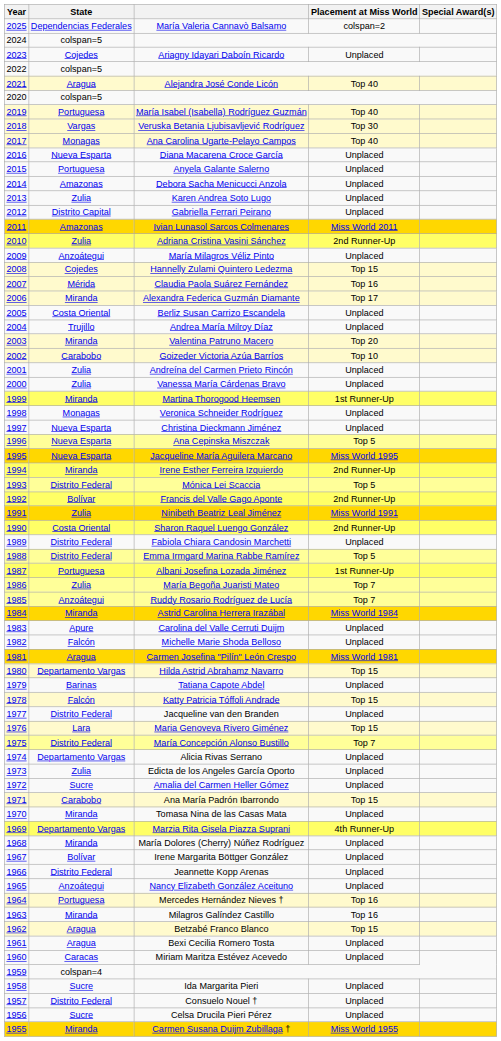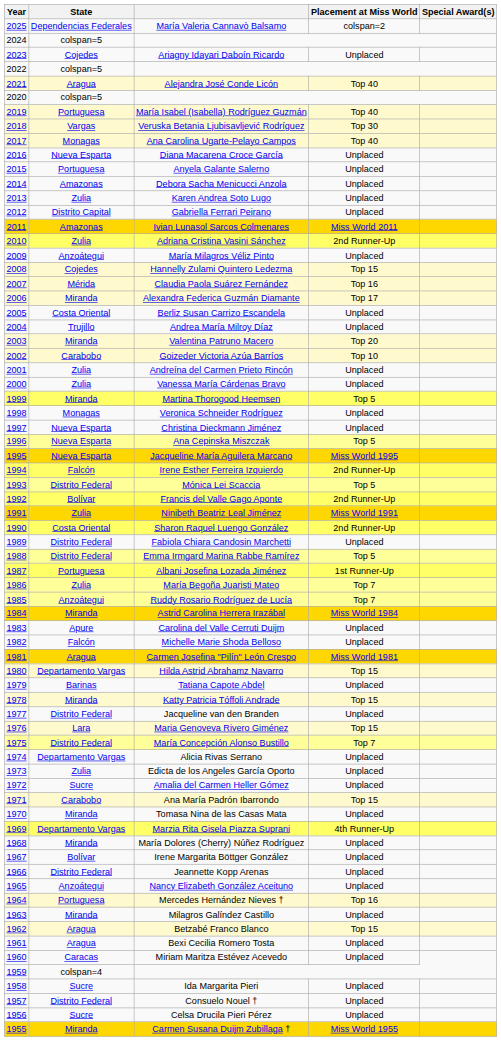 <table class="wikitable " style="font-size: 90%; text-align:center;">
 <tr>
 <th>Year</th>
 <th>State</th>
 <th></th>
 <th>Placement at Miss World</th>
 <th>Special Award(s)</th>
 </tr>
 <tr>
 <td><a href='#'>2025</a></td>
 <td><a href='#'>Dependencias Federales</a></td>
 <td><a href='#'>María Valeria Cannavò Balsamo</a></td>
 <td>colspan=2 </td>
 <td style="background:;"></td>
 </tr>
 <tr>
 <td>2024</td>
 <td>colspan=5 </td>
 </tr>
 <tr>
 <td><a href='#'>2023</a></td>
 <td><a href='#'>Cojedes</a></td>
 <td><a href='#'>Ariagny Idayari Daboín Ricardo</a></td>
 <td>Unplaced</td>
 <td></td>
 </tr>
 <tr>
 <td>2022</td>
 <td>colspan=5 </td>
 </tr>
 <tr style="background-color:#FFFACD;">
 <td><a href='#'>2021</a></td>
 <td><a href='#'>Aragua</a></td>
 <td><a href='#'>Alejandra José Conde Licón</a></td>
 <td>Top 40</td>
 <td style="background:;"></td>
 </tr>
 <tr>
 <td>2020</td>
 <td>colspan=5 </td>
 </tr>
 <tr style="background-color:#FFFACD;">
 <td><a href='#'>2019</a></td>
 <td><a href='#'>Portuguesa</a></td>
 <td><a href='#'>María Isabel (Isabella) Rodríguez Guzmán</a></td>
 <td>Top 40</td>
 <td style="background:;"></td>
 </tr>
 <tr style="background-color:#FFFACD;">
 <td><a href='#'>2018</a></td>
 <td><a href='#'>Vargas</a></td>
 <td><a href='#'>Veruska Betania Ljubisavljević Rodríguez</a></td>
 <td>Top 30</td>
 <td style="background:;"></td>
 </tr>
 <tr style="background-color:#FFFACD;">
 <td><a href='#'>2017</a></td>
 <td><a href='#'>Monagas</a></td>
 <td><a href='#'>Ana Carolina Ugarte-Pelayo Campos</a></td>
 <td>Top 40</td>
 <td style="background:;"></td>
 </tr>
 <tr>
 <td><a href='#'>2016</a></td>
 <td><a href='#'>Nueva Esparta</a></td>
 <td><a href='#'>Diana Macarena Croce García</a></td>
 <td>Unplaced</td>
 <td style="background:;"></td>
 </tr>
 <tr>
 <td><a href='#'>2015</a></td>
 <td><a href='#'>Portuguesa</a></td>
 <td><a href='#'>Anyela Galante Salerno</a></td>
 <td>Unplaced</td>
 <td style="background:;"></td>
 </tr>
 <tr>
 <td><a href='#'>2014</a></td>
 <td><a href='#'>Amazonas</a></td>
 <td><a href='#'>Debora Sacha Menicucci Anzola</a></td>
 <td>Unplaced</td>
 <td></td>
 </tr>
 <tr>
 <td><a href='#'>2013</a></td>
 <td><a href='#'>Zulia</a></td>
 <td><a href='#'>Karen Andrea Soto Lugo</a></td>
 <td>Unplaced</td>
 <td style="background:;"></td>
 </tr>
 <tr>
 <td><a href='#'>2012</a></td>
 <td><a href='#'>Distrito Capital</a></td>
 <td><a href='#'>Gabriella Ferrari Peirano</a></td>
 <td>Unplaced</td>
 <td style="background:;"></td>
 </tr>
 <tr style="background-color:gold; ">
 <td><a href='#'>2011</a></td>
 <td><a href='#'>Amazonas</a></td>
 <td><a href='#'>Ivian Lunasol Sarcos Colmenares</a></td>
 <td><a href='#'>Miss World 2011</a></td>
 <td style="background:;"></td>
 </tr>
 <tr style="background-color:#FFFF66;">
 <td><a href='#'>2010</a></td>
 <td><a href='#'>Zulia</a></td>
 <td><a href='#'>Adriana Cristina Vasini Sánchez</a></td>
 <td>2nd Runner-Up</td>
 <td style="background:;"></td>
 </tr>
 <tr>
 <td><a href='#'>2009</a></td>
 <td><a href='#'>Anzoátegui</a></td>
 <td><a href='#'>María Milagros Véliz Pinto</a></td>
 <td>Unplaced</td>
 <td style="background:;"></td>
 </tr>
 <tr style="background-color:#FFFACD;">
 <td><a href='#'>2008</a></td>
 <td><a href='#'>Cojedes</a></td>
 <td><a href='#'>Hannelly Zulami Quintero Ledezma</a></td>
 <td>Top 15</td>
 <td style="background:;"></td>
 </tr>
 <tr style="background-color:#FFFACD;">
 <td><a href='#'>2007</a></td>
 <td><a href='#'>Mérida</a></td>
 <td><a href='#'>Claudia Paola Suárez Fernández</a></td>
 <td>Top 16</td>
 <td style="background:;"></td>
 </tr>
 <tr style="background-color:#FFFACD;">
 <td><a href='#'>2006</a></td>
 <td><a href='#'>Miranda</a></td>
 <td><a href='#'>Alexandra Federica Guzmán Diamante</a></td>
 <td>Top 17</td>
 <td style="background:;"></td>
 </tr>
 <tr>
 <td><a href='#'>2005</a></td>
 <td><a href='#'>Costa Oriental</a></td>
 <td><a href='#'>Berliz Susan Carrizo Escandela</a></td>
 <td>Unplaced</td>
 <td></td>
 </tr>
 <tr>
 <td><a href='#'>2004</a></td>
 <td><a href='#'>Trujillo</a></td>
 <td><a href='#'>Andrea María Milroy Díaz</a></td>
 <td>Unplaced</td>
 <td style="background:;"></td>
 </tr>
 <tr style="background-color:#FFFACD; ">
 <td><a href='#'>2003</a></td>
 <td><a href='#'>Miranda</a></td>
 <td><a href='#'>Valentina Patruno Macero</a></td>
 <td>Top 20</td>
 <td style="background:;"></td>
 </tr>
 <tr style="background-color:#FFFACD;">
 <td><a href='#'>2002</a></td>
 <td><a href='#'>Carabobo</a></td>
 <td><a href='#'>Goizeder Victoria Azúa Barríos</a></td>
 <td>Top 10</td>
 <td style="background:;"></td>
 </tr>
 <tr>
 <td><a href='#'>2001</a></td>
 <td><a href='#'>Zulia</a></td>
 <td><a href='#'>Andreína del Carmen Prieto Rincón</a></td>
 <td>Unplaced</td>
 <td></td>
 </tr>
 <tr>
 <td><a href='#'>2000</a></td>
 <td><a href='#'>Zulia</a></td>
 <td><a href='#'>Vanessa María Cárdenas Bravo</a></td>
 <td>Unplaced</td>
 <td></td>
 </tr>
 <tr style="background-color:#FFFF66;">
 <td><a href='#'>1999</a></td>
 <td><a href='#'>Miranda</a></td>
 <td><a href='#'>Martina Thorogood Heemsen</a></td>
-<td>1st Runner-Up</td>
+<td>Top 5</td>
 <td style="background:;"></td>
 </tr>
 <tr>
 <td><a href='#'>1998</a></td>
 <td><a href='#'>Monagas</a></td>
 <td><a href='#'>Veronica Schneider Rodríguez</a></td>
 <td>Unplaced</td>
 <td></td>
 </tr>
 <tr>
 <td><a href='#'>1997</a></td>
 <td><a href='#'>Nueva Esparta</a></td>
 <td><a href='#'>Christina Dieckmann Jiménez</a></td>
 <td>Unplaced</td>
 <td></td>
 </tr>
 <tr style="background-color:#FFFF99;">
 <td><a href='#'>1996</a></td>
 <td><a href='#'>Nueva Esparta</a></td>
 <td><a href='#'>Ana Cepinska Miszczak</a></td>
 <td>Top 5 </td>
 <td style="background:;"></td>
 </tr>
 <tr style="background-color:gold; ">
 <td><a href='#'>1995</a></td>
 <td><a href='#'>Nueva Esparta</a></td>
 <td><a href='#'>Jacqueline María Aguilera Marcano</a></td>
 <td><a href='#'>Miss World 1995</a></td>
 <td style="background:;"></td>
 </tr>
 <tr style="background-color:#FFFF66;">
 <td><a href='#'>1994</a></td>
-<td><a href='#'>Miranda</a></td>
+<td><a href='#'>Falcón</a></td>
 <td><a href='#'>Irene Esther Ferreira Izquierdo</a></td>
 <td>2nd Runner-Up</td>
 <td style="background:;"></td>
 </tr>
 <tr style="background-color:#FFFF99;">
 <td><a href='#'>1993</a></td>
 <td><a href='#'>Distrito Federal</a></td>
 <td><a href='#'>Mónica Lei Scaccia</a></td>
 <td>Top 5 </td>
 <td style="background:;"></td>
 </tr>
 <tr style="background-color:#FFFF66;">
 <td><a href='#'>1992</a></td>
 <td><a href='#'>Bolívar</a></td>
 <td><a href='#'>Francis del Valle Gago Aponte</a></td>
 <td>2nd Runner-Up</td>
 <td style="background:;"></td>
 </tr>
 <tr style="background-color:gold; ">
 <td><a href='#'>1991</a></td>
 <td><a href='#'>Zulia</a></td>
 <td><a href='#'>Ninibeth Beatriz Leal Jiménez</a></td>
 <td><a href='#'>Miss World 1991</a></td>
 <td style="background:;"></td>
 </tr>
 <tr style="background-color:#FFFF66;">
 <td><a href='#'>1990</a></td>
 <td><a href='#'>Costa Oriental</a></td>
 <td><a href='#'>Sharon Raquel Luengo González</a></td>
 <td>2nd Runner-Up</td>
 <td style="background:;"></td>
 </tr>
 <tr>
 <td><a href='#'>1989</a></td>
 <td><a href='#'>Distrito Federal</a></td>
 <td><a href='#'>Fabiola Chiara Candosin Marchetti</a></td>
 <td>Unplaced</td>
 <td></td>
 </tr>
 <tr style="background-color:#FFFF99;">
 <td><a href='#'>1988</a></td>
 <td><a href='#'>Distrito Federal</a></td>
 <td><a href='#'>Emma Irmgard Marina Rabbe Ramírez</a></td>
 <td>Top 5</td>
 <td style="background:;"></td>
 </tr>
 <tr style="background-color:#FFFF66;">
 <td><a href='#'>1987</a></td>
 <td><a href='#'>Portuguesa</a></td>
 <td><a href='#'>Albani Josefina Lozada Jiménez</a></td>
 <td>1st Runner-Up</td>
 <td style="background:;"></td>
 </tr>
 <tr style="background-color:#FFFF99;">
 <td><a href='#'>1986</a></td>
 <td><a href='#'>Zulia</a></td>
 <td><a href='#'>María Begoña Juaristi Mateo</a></td>
 <td>Top 7 </td>
 <td></td>
 </tr>
 <tr style="background-color:#FFFF99;">
 <td><a href='#'>1985</a></td>
 <td><a href='#'>Anzoátegui</a></td>
 <td><a href='#'>Ruddy Rosario Rodríguez de Lucía</a></td>
 <td>Top 7 </td>
 <td></td>
 </tr>
 <tr style="background-color:gold; ">
 <td><a href='#'>1984</a></td>
 <td><a href='#'>Miranda</a></td>
 <td><a href='#'>Astrid Carolina Herrera Irazábal</a></td>
 <td><a href='#'>Miss World 1984</a></td>
 <td style="background:;"></td>
 </tr>
 <tr>
 <td><a href='#'>1983</a></td>
 <td><a href='#'>Apure</a></td>
 <td><a href='#'>Carolina del Valle Cerruti Duijm</a></td>
 <td>Unplaced</td>
 <td></td>
 </tr>
 <tr>
 <td><a href='#'>1982</a></td>
 <td><a href='#'>Falcón</a></td>
 <td><a href='#'>Michelle Marie Shoda Belloso</a></td>
 <td>Unplaced</td>
 <td></td>
 </tr>
 <tr style="background-color:gold; ">
 <td><a href='#'>1981</a></td>
 <td><a href='#'>Aragua</a></td>
 <td><a href='#'>Carmen Josefina "Pilín" León Crespo</a></td>
 <td><a href='#'>Miss World 1981</a></td>
 <td style="background:;"></td>
 </tr>
 <tr style="background-color:#FFFACD;">
 <td><a href='#'>1980</a></td>
 <td><a href='#'>Departamento Vargas</a></td>
 <td><a href='#'>Hilda Astrid Abrahamz Navarro</a></td>
 <td>Top 15</td>
 <td></td>
 </tr>
 <tr>
 <td><a href='#'>1979</a></td>
 <td><a href='#'>Barinas</a></td>
 <td><a href='#'>Tatiana Capote Abdel</a></td>
 <td>Unplaced</td>
 <td></td>
 </tr>
 <tr style="background-color:#FFFACD;">
 <td><a href='#'>1978</a></td>
-<td><a href='#'>Falcón</a></td>
+<td><a href='#'>Miranda</a></td>
 <td><a href='#'>Katty Patricia Tóffoli Andrade</a></td>
 <td>Top 15</td>
 <td></td>
 </tr>
 <tr>
 <td><a href='#'>1977</a></td>
 <td><a href='#'>Distrito Federal</a></td>
 <td>Jacqueline van den Branden</td>
 <td>Unplaced</td>
 <td></td>
 </tr>
 <tr style="background-color:#FFFACD;">
 <td><a href='#'>1976</a></td>
 <td><a href='#'>Lara</a></td>
 <td><a href='#'>Maria Genoveva Rivero Giménez</a></td>
 <td>Top 15</td>
 <td></td>
 </tr>
 <tr style="background-color:#FFFF99;">
 <td><a href='#'>1975</a></td>
 <td><a href='#'>Distrito Federal</a></td>
 <td><a href='#'>María Concepción Alonso Bustillo</a></td>
 <td>Top 7 </td>
 <td></td>
 </tr>
 <tr>
 <td><a href='#'>1974</a></td>
 <td><a href='#'>Departamento Vargas</a></td>
 <td>Alicia Rivas Serrano</td>
 <td>Unplaced</td>
 <td></td>
 </tr>
 <tr>
 <td><a href='#'>1973</a></td>
 <td><a href='#'>Zulia</a></td>
 <td>Edicta de los Angeles García Oporto</td>
 <td>Unplaced</td>
 <td></td>
 </tr>
 <tr>
 <td><a href='#'>1972</a></td>
 <td><a href='#'>Sucre</a></td>
 <td><a href='#'>Amalia del Carmen Heller Gómez</a></td>
 <td>Unplaced</td>
 <td></td>
 </tr>
 <tr style="background-color:#FFFACD;">
 <td><a href='#'>1971</a></td>
 <td><a href='#'>Carabobo</a></td>
 <td>Ana María Padrón Ibarrondo</td>
 <td>Top 15</td>
 <td></td>
 </tr>
 <tr>
 <td><a href='#'>1970</a></td>
 <td><a href='#'>Miranda</a></td>
 <td>Tomasa Nina de las Casas Mata</td>
 <td>Unplaced</td>
 <td></td>
 </tr>
 <tr style="background-color:#FFFF66;">
 <td><a href='#'>1969</a></td>
 <td><a href='#'>Departamento Vargas</a></td>
 <td><a href='#'>Marzia Rita Gisela Piazza Suprani</a></td>
 <td>4th Runner-Up</td>
 <td></td>
 </tr>
 <tr>
 <td><a href='#'>1968</a></td>
 <td><a href='#'>Miranda</a></td>
 <td>María Dolores (Cherry) Núñez Rodríguez</td>
 <td>Unplaced</td>
 <td></td>
 </tr>
 <tr>
 <td><a href='#'>1967</a></td>
 <td><a href='#'>Bolívar</a></td>
 <td>Irene Margarita Böttger González</td>
 <td>Unplaced</td>
 <td></td>
 </tr>
 <tr>
 <td><a href='#'>1966</a></td>
 <td><a href='#'>Distrito Federal</a></td>
 <td>Jeannette Kopp Arenas</td>
 <td>Unplaced</td>
 <td></td>
 </tr>
 <tr>
 <td><a href='#'>1965</a></td>
 <td><a href='#'>Anzoátegui</a></td>
 <td><a href='#'>Nancy Elizabeth González Aceituno</a></td>
 <td>Unplaced</td>
 <td></td>
 </tr>
 <tr style="background-color:#FFFACD;">
 <td><a href='#'>1964</a></td>
 <td><a href='#'>Portuguesa</a></td>
 <td>Mercedes Hernández Nieves †</td>
 <td>Top 16</td>
 <td></td>
 </tr>
 <tr>
 <td><a href='#'>1963</a></td>
 <td><a href='#'>Miranda</a></td>
 <td>Milagros Galíndez Castillo</td>
-<td>Top 16</td>
+<td>Unplaced</td>
 <td></td>
 </tr>
 <tr style="background-color:#FFFACD;">
 <td><a href='#'>1962</a></td>
 <td><a href='#'>Aragua</a></td>
 <td>Betzabé Franco Blanco</td>
 <td>Top 15</td>
 <td></td>
 </tr>
 <tr>
 <td><a href='#'>1961</a></td>
 <td><a href='#'>Aragua</a></td>
 <td>Bexi Cecilia Romero Tosta</td>
 <td>Unplaced</td>
 <td></td>
 </tr>
 <tr>
 <td><a href='#'>1960</a></td>
 <td><a href='#'>Caracas</a></td>
 <td>Miriam Maritza Estévez Acevedo</td>
 <td>Unplaced</td>
 </tr>
 <tr>
 <td><a href='#'>1959</a></td>
 <td>colspan=4 </td>
 </tr>
 <tr>
 <td><a href='#'>1958</a></td>
 <td><a href='#'>Sucre</a></td>
 <td>Ida Margarita Pieri</td>
 <td>Unplaced</td>
 <td></td>
 </tr>
 <tr>
 <td><a href='#'>1957</a></td>
 <td><a href='#'>Distrito Federal</a></td>
 <td>Consuelo Nouel †</td>
 <td>Unplaced</td>
 <td></td>
 </tr>
 <tr>
 <td><a href='#'>1956</a></td>
 <td><a href='#'>Sucre</a></td>
 <td>Celsa Drucila Pieri Pérez</td>
 <td>Unplaced</td>
 <td></td>
 </tr>
 <tr style="background-color:gold; ">
 <td><a href='#'>1955</a></td>
 <td><a href='#'>Miranda</a></td>
 <td><a href='#'>Carmen Susana Duijm Zubillaga</a> †</td>
 <td><a href='#'>Miss World 1955</a></td>
 <td></td>
 </tr>
 </table>
